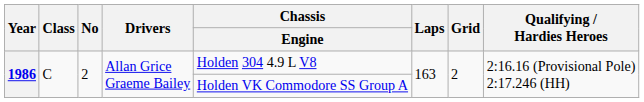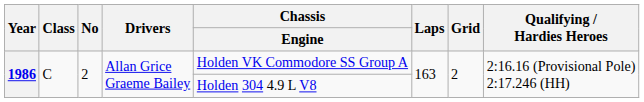 <table class="wikitable" style="font-size: 95%;">
 <tr>
 <th rowspan=2>Year</th>
 <th rowspan=2>Class</th>
 <th rowspan=2>No</th>
 <th rowspan=2>Drivers</th>
 <th>Chassis</th>
 <th rowspan=2>Laps</th>
 <th rowspan=2>Grid</th>
 <th rowspan=2>Qualifying /<br>Hardies Heroes</th>
 </tr>
 <tr>
 <th>Engine</th>
 </tr>
 <tr>
 <th rowspan=2><a href='#'>1986</a></th>
 <td rowspan=2>C</td>
 <td rowspan=2>2</td>
 <td rowspan=2> <a href='#'>Allan Grice</a><br> <a href='#'>Graeme Bailey</a></td>
-<td><a href='#'>Holden</a> <a href='#'>304</a> 4.9 L <a href='#'>V8</a></td>
+<td><a href='#'>Holden VK Commodore SS Group A</a></td>
 <td rowspan=2>163</td>
 <td rowspan=2>2</td>
 <td rowspan=2>2:16.16 (Provisional Pole)<br>2:17.246 (HH)</td>
 </tr>
 <tr>
-<td><a href='#'>Holden VK Commodore SS Group A</a></td>
+<td><a href='#'>Holden</a> <a href='#'>304</a> 4.9 L <a href='#'>V8</a></td>
 </tr>
 </table>
